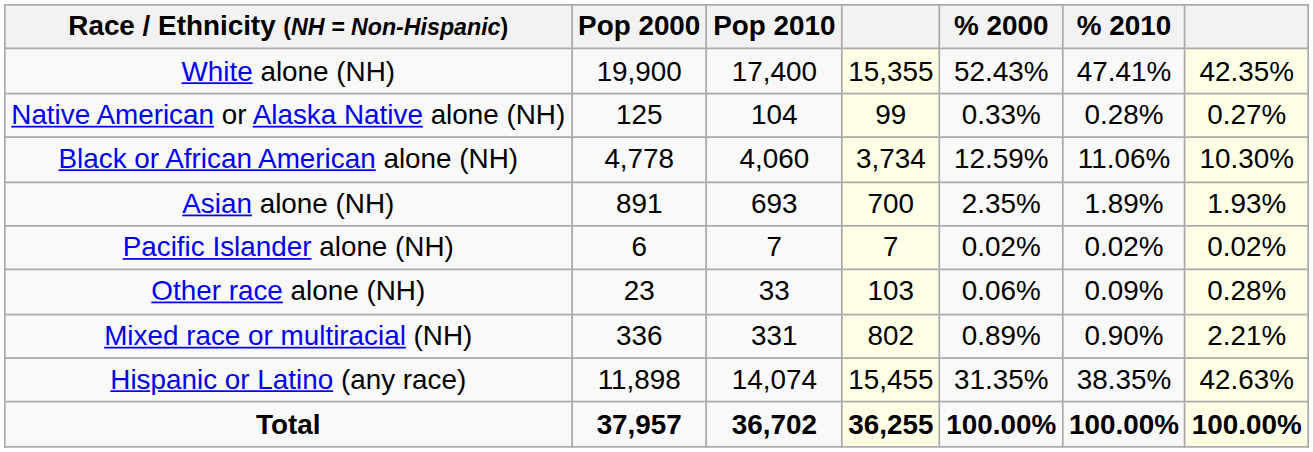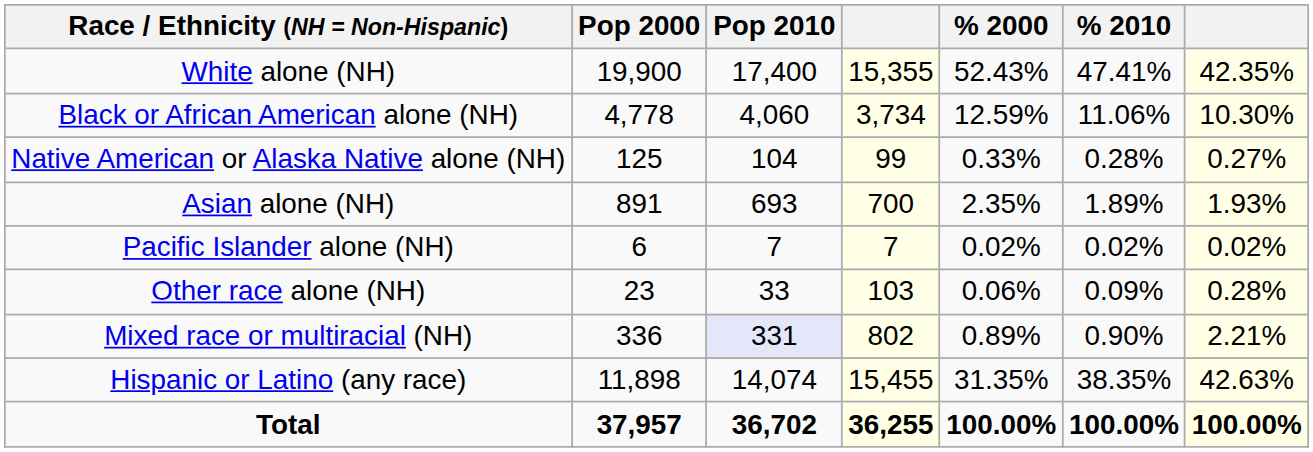 <table class="wikitable" style="text-align:center;">
 <tr>
 <th>Race / Ethnicity <small>(<em>NH = Non-Hispanic</em>)</small></th>
 <th>Pop 2000</th>
 <th>Pop 2010</th>
 <th></th>
 <th>% 2000</th>
 <th>% 2010</th>
 <th></th>
 </tr>
 <tr>
 <td><a href='#'>White</a> alone (NH)</td>
 <td>19,900</td>
 <td>17,400</td>
 <td style='background: #ffffe6;'>15,355</td>
 <td>52.43%</td>
 <td>47.41%</td>
 <td style='background: #ffffe6;'>42.35%</td>
 </tr>
 <tr>
+<td><a href='#'>Black or African American</a> alone (NH)</td>
+<td>4,778</td>
+<td>4,060</td>
+<td style='background: #ffffe6;'>3,734</td>
+<td>12.59%</td>
+<td>11.06%</td>
+<td style='background: #ffffe6;'>10.30%</td>
+</tr>
+<tr>
 <td><a href='#'>Native American</a> or <a href='#'>Alaska Native</a> alone (NH)</td>
 <td>125</td>
 <td>104</td>
 <td style='background: #ffffe6;'>99</td>
 <td>0.33%</td>
 <td>0.28%</td>
 <td style='background: #ffffe6;'>0.27%</td>
-</tr>
-<tr>
-<td><a href='#'>Black or African American</a> alone (NH)</td>
-<td>4,778</td>
-<td>4,060</td>
-<td style='background: #ffffe6;'>3,734</td>
-<td>12.59%</td>
-<td>11.06%</td>
-<td style='background: #ffffe6;'>10.30%</td>
 </tr>
 <tr>
 <td><a href='#'>Asian</a> alone (NH)</td>
 <td>891</td>
 <td>693</td>
 <td style='background: #ffffe6;'>700</td>
 <td>2.35%</td>
 <td>1.89%</td>
 <td style='background: #ffffe6;'>1.93%</td>
 </tr>
 <tr>
 <td><a href='#'>Pacific Islander</a> alone (NH)</td>
 <td>6</td>
 <td>7</td>
 <td style='background: #ffffe6;'>7</td>
 <td>0.02%</td>
 <td>0.02%</td>
 <td style='background: #ffffe6;'>0.02%</td>
 </tr>
 <tr>
 <td><a href='#'>Other race</a> alone (NH)</td>
 <td>23</td>
 <td>33</td>
 <td style='background: #ffffe6;'>103</td>
 <td>0.06%</td>
 <td>0.09%</td>
 <td style='background: #ffffe6;'>0.28%</td>
 </tr>
 <tr>
 <td><a href='#'>Mixed race or multiracial</a> (NH)</td>
 <td>336</td>
-<td>331</td>
+<td style="background: lavender;">331</td>
 <td style='background: #ffffe6;'>802</td>
 <td>0.89%</td>
 <td>0.90%</td>
 <td style='background: #ffffe6;'>2.21%</td>
 </tr>
 <tr>
 <td><a href='#'>Hispanic or Latino</a> (any race)</td>
 <td>11,898</td>
 <td>14,074</td>
 <td style='background: #ffffe6;'>15,455</td>
 <td>31.35%</td>
 <td>38.35%</td>
 <td style='background: #ffffe6;'>42.63%</td>
 </tr>
 <tr>
 <td><strong>Total</strong></td>
 <td><strong>37,957</strong></td>
 <td><strong>36,702</strong></td>
 <td style='background: #ffffe6;'><strong>36,255</strong></td>
 <td><strong>100.00%</strong></td>
 <td><strong>100.00%</strong></td>
 <td style='background: #ffffe6;'><strong>100.00%</strong></td>
 </tr>
 </table>
